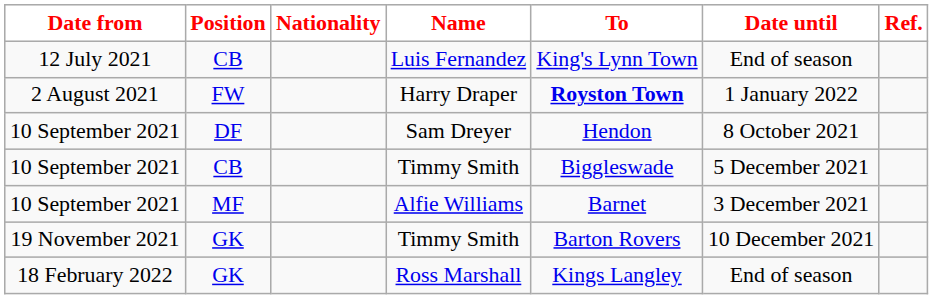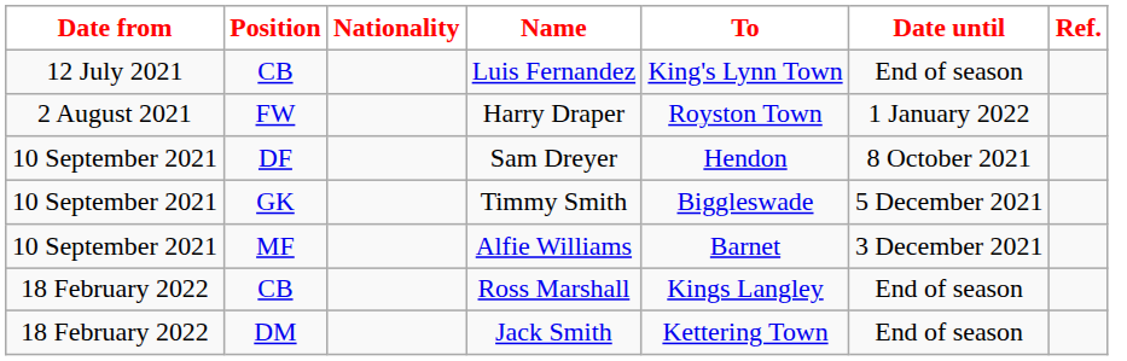 <table class="wikitable"  style="text-align:center; font-size:90%; ">
 <tr>
 <th style="background:white; color:red; ">Date from</th>
 <th style="background:white; color:red; ">Position</th>
 <th style="background:white; color:red; ">Nationality</th>
 <th style="background:white; color:red; ">Name</th>
 <th style="background:white; color:red; ">To</th>
 <th style="background:white; color:red; ">Date until</th>
 <th style="background:white; color:red; ">Ref.</th>
 </tr>
 <tr>
 <td>12 July 2021</td>
 <td><a href='#'>CB</a></td>
 <td></td>
 <td><a href='#'>Luis Fernandez</a></td>
 <td> <a href='#'>King's Lynn Town</a></td>
 <td>End of season</td>
 <td></td>
 </tr>
 <tr>
 <td>2 August 2021</td>
 <td><a href='#'>FW</a></td>
 <td></td>
 <td>Harry Draper</td>
-<td><strong> <a href='#'>Royston Town</a></strong></td>
+<td> <a href='#'>Royston Town</a></td>
 <td>1 January 2022</td>
 <td></td>
 </tr>
 <tr>
 <td>10 September 2021</td>
 <td><a href='#'>DF</a></td>
 <td></td>
 <td>Sam Dreyer</td>
 <td> <a href='#'>Hendon</a></td>
 <td>8 October 2021</td>
 <td></td>
 </tr>
 <tr>
 <td>10 September 2021</td>
-<td><a href='#'>CB</a></td>
+<td><a href='#'>GK</a></td>
 <td></td>
 <td>Timmy Smith</td>
 <td> <a href='#'>Biggleswade</a></td>
 <td>5 December 2021</td>
 <td></td>
 </tr>
 <tr>
 <td>10 September 2021</td>
 <td><a href='#'>MF</a></td>
 <td></td>
 <td><a href='#'>Alfie Williams</a></td>
 <td> <a href='#'>Barnet</a></td>
 <td>3 December 2021</td>
 <td></td>
 </tr>
 <tr>
-<td>19 November 2021</td>
-<td><a href='#'>GK</a></td>
-<td></td>
-<td>Timmy Smith</td>
-<td> <a href='#'>Barton Rovers</a></td>
-<td>10 December 2021</td>
-<td></td>
-</tr>
-<tr>
 <td>18 February 2022</td>
-<td><a href='#'>GK</a></td>
+<td><a href='#'>CB</a></td>
 <td></td>
 <td><a href='#'>Ross Marshall</a></td>
 <td> <a href='#'>Kings Langley</a></td>
 <td>End of season</td>
 <td></td>
 </tr>
+<tr>
+<td>18 February 2022</td>
+<td><a href='#'>DM</a></td>
+<td></td>
+<td><a href='#'>Jack Smith</a></td>
+<td> <a href='#'>Kettering Town</a></td>
+<td>End of season</td>
+<td></td>
+</tr>
 </table>
